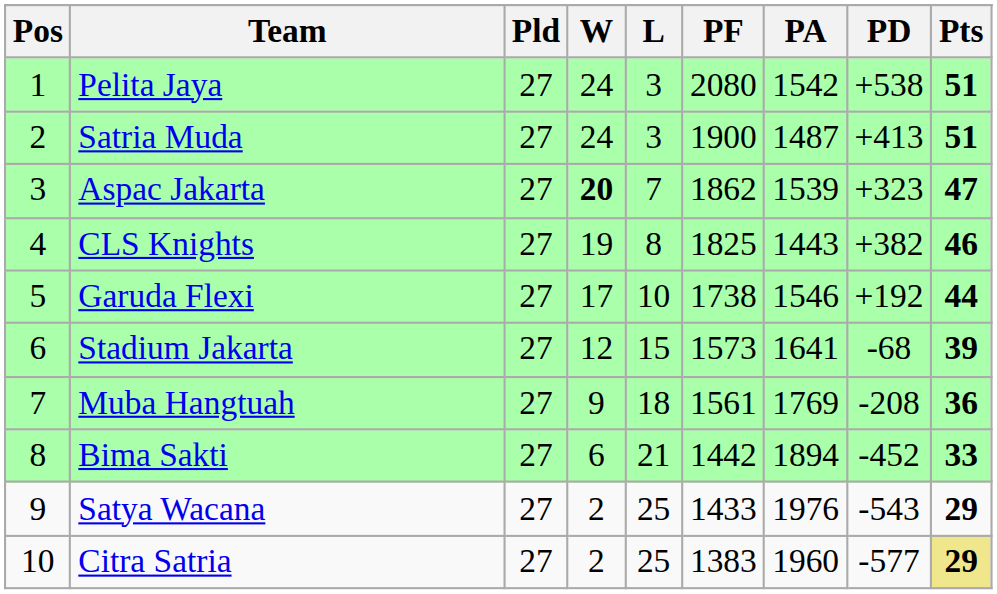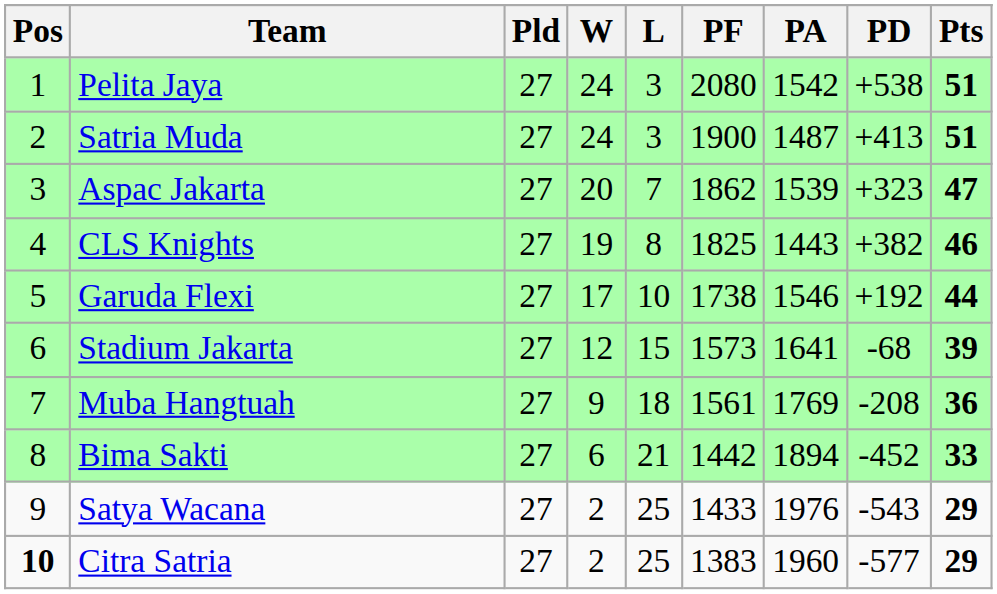 <table class=wikitable>
 <tr align=center>
 </tr>
 <tr>
 <th width=10>Pos</th>
 <th width=200>Team</th>
 <th width=20>Pld</th>
 <th width=20>W</th>
 <th width=20>L</th>
 <th width=30>PF</th>
 <th width=30>PA</th>
 <th width=30>PD</th>
 <th width=20>Pts</th>
 </tr>
 <tr align=center bgcolor=#aaffaa>
 <td>1</td>
 <td align=left><a href='#'>Pelita Jaya</a></td>
 <td>27</td>
 <td>24</td>
 <td>3</td>
 <td>2080</td>
 <td>1542</td>
 <td>+538</td>
 <td><strong>51</strong></td>
 </tr>
 <tr align=center bgcolor=#aaffaa>
 <td>2</td>
 <td align=left><a href='#'>Satria Muda</a></td>
 <td>27</td>
 <td>24</td>
 <td>3</td>
 <td>1900</td>
 <td>1487</td>
 <td>+413</td>
 <td><strong>51</strong></td>
 </tr>
 <tr align=center bgcolor=#aaffaa>
 <td>3</td>
 <td align=left><a href='#'>Aspac Jakarta</a></td>
 <td>27</td>
-<td><strong>20</strong></td>
+<td>20</td>
 <td>7</td>
 <td>1862</td>
 <td>1539</td>
 <td>+323</td>
 <td><strong>47</strong></td>
 </tr>
 <tr align=center bgcolor=#aaffaa>
 <td>4</td>
 <td align=left><a href='#'>CLS Knights</a></td>
 <td>27</td>
 <td>19</td>
 <td>8</td>
 <td>1825</td>
 <td>1443</td>
 <td>+382</td>
 <td><strong>46</strong></td>
 </tr>
 <tr align=center bgcolor=#aaffaa>
 <td>5</td>
 <td align=left><a href='#'>Garuda Flexi</a></td>
 <td>27</td>
 <td>17</td>
 <td>10</td>
 <td>1738</td>
 <td>1546</td>
 <td>+192</td>
 <td><strong>44</strong></td>
 </tr>
 <tr align=center bgcolor=#aaffaa>
 <td>6</td>
 <td align=left><a href='#'>Stadium Jakarta</a></td>
 <td>27</td>
 <td>12</td>
 <td>15</td>
 <td>1573</td>
 <td>1641</td>
 <td>-68</td>
 <td><strong>39</strong></td>
 </tr>
 <tr align=center bgcolor=#aaffaa>
 <td>7</td>
 <td align=left><a href='#'>Muba Hangtuah</a></td>
 <td>27</td>
 <td>9</td>
 <td>18</td>
 <td>1561</td>
 <td>1769</td>
 <td>-208</td>
 <td><strong>36</strong></td>
 </tr>
 <tr align=center bgcolor=#aaffaa>
 <td>8</td>
 <td align=left><a href='#'>Bima Sakti</a></td>
 <td>27</td>
 <td>6</td>
 <td>21</td>
 <td>1442</td>
 <td>1894</td>
 <td>-452</td>
 <td><strong>33</strong></td>
 </tr>
 <tr align=center>
 <td>9</td>
 <td align=left><a href='#'>Satya Wacana</a></td>
 <td>27</td>
 <td>2</td>
 <td>25</td>
 <td>1433</td>
 <td>1976</td>
 <td>-543</td>
 <td><strong>29</strong></td>
 </tr>
 <tr align=center>
-<td>10</td>
+<td><strong>10</strong></td>
 <td align=left><a href='#'>Citra Satria</a></td>
 <td>27</td>
 <td>2</td>
 <td>25</td>
 <td>1383</td>
 <td>1960</td>
 <td>-577</td>
-<td style="background: khaki;"><strong>29</strong></td>
+<td><strong>29</strong></td>
 </tr>
 </table>
